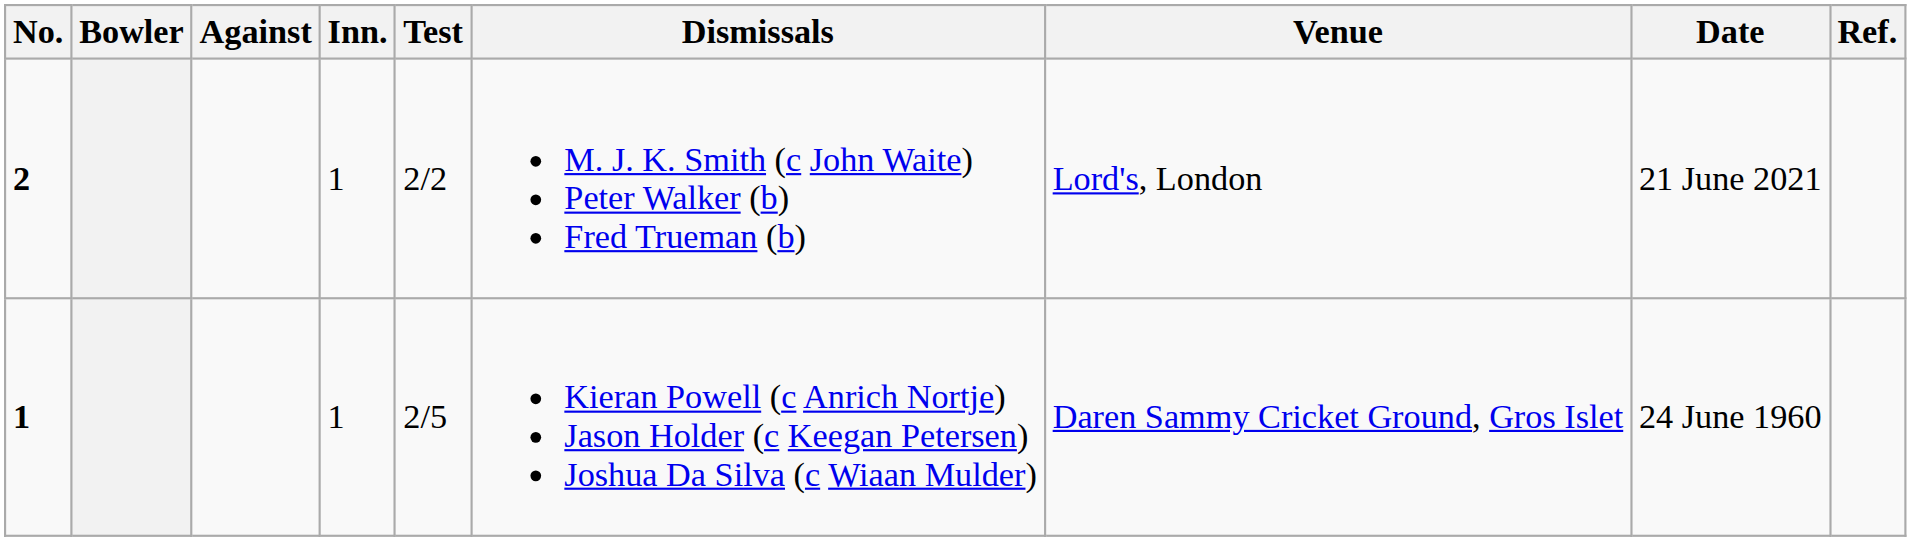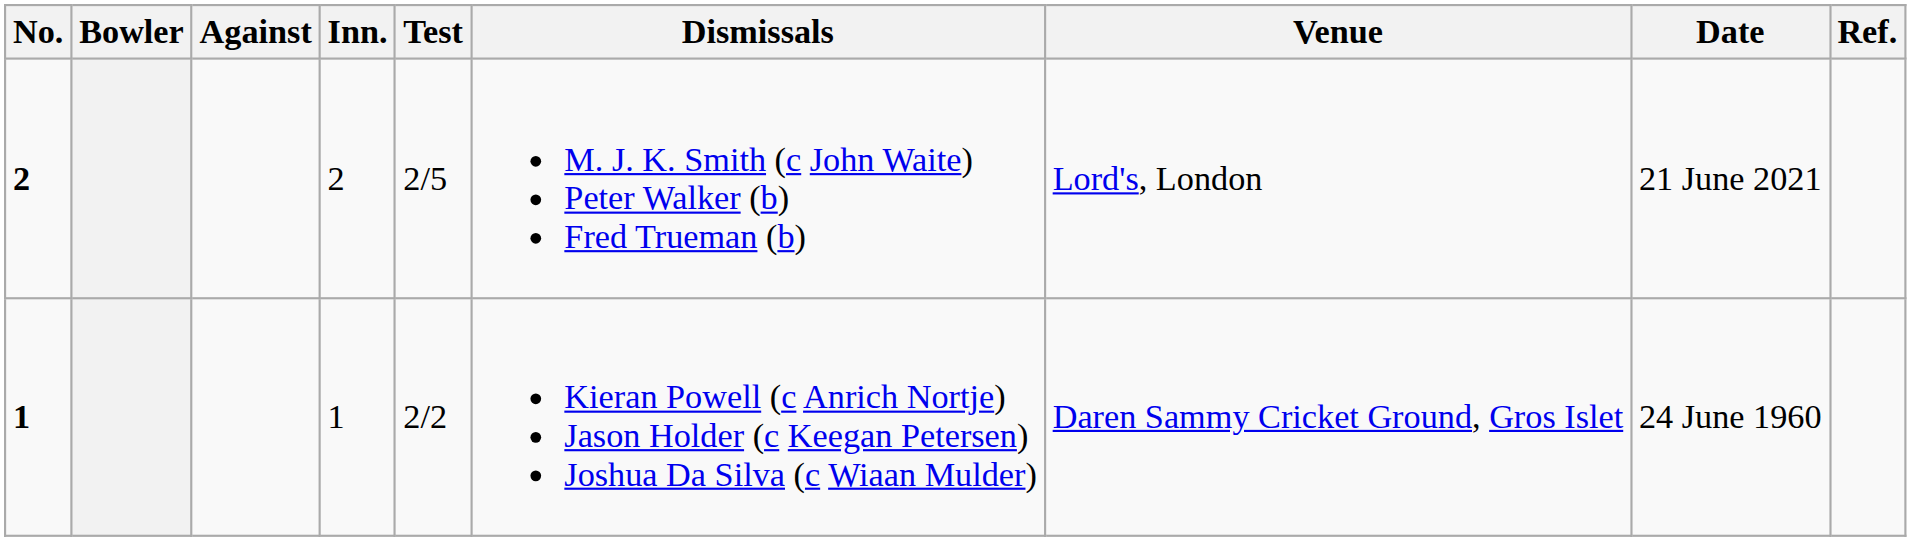 <table class="wikitable sortable plainrowheaders" style="font-size: 100%">
 <tr>
 <th scope="col">No.</th>
 <th scope="col">Bowler</th>
 <th scope="col">Against</th>
 <th scope="col">Inn.</th>
 <th scope="col">Test</th>
 <th scope="col">Dismissals</th>
 <th scope="col">Venue</th>
 <th scope="col">Date</th>
 <th scope="col" class="unsortable">Ref.</th>
 </tr>
 <tr>
 <td><strong>2</strong></td>
 <th scope="row"></th>
 <td></td>
-<td>1</td>
-<td>2/2</td>
+<td>2</td>
+<td>2/5</td>
 <td><br><ul><li><a href='#'>M. J. K. Smith</a> (<a href='#'>c</a> <a href='#'>John Waite</a>)</li><li><a href='#'>Peter Walker</a> (<a href='#'>b</a>)</li><li><a href='#'>Fred Trueman</a> (<a href='#'>b</a>)</li></ul></td>
 <td> <a href='#'>Lord's</a>, London</td>
 <td>21 June 2021</td>
 <td></td>
 </tr>
 <tr>
 <td><strong>1</strong></td>
 <th scope="row"></th>
 <td></td>
 <td>1</td>
-<td>2/5</td>
+<td>2/2</td>
 <td><br><ul><li><a href='#'>Kieran Powell</a> (<a href='#'>c</a> <a href='#'>Anrich Nortje</a>)</li><li><a href='#'>Jason Holder</a> (<a href='#'>c</a> <a href='#'>Keegan Petersen</a>)</li><li><a href='#'>Joshua Da Silva</a> (<a href='#'>c</a> <a href='#'>Wiaan Mulder</a>)</li></ul></td>
 <td> <a href='#'>Daren Sammy Cricket Ground</a>, <a href='#'>Gros Islet</a></td>
 <td>24 June 1960</td>
 <td></td>
 </tr>
 </table>
